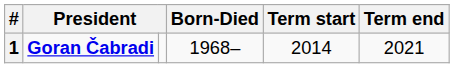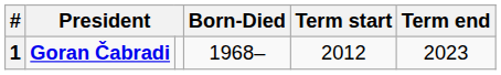 <table class="wikitable" style="text-align:center">
 <tr>
 <th>#</th>
 <th colspan="2">President</th>
 <th>Born-Died</th>
 <th>Term start</th>
 <th>Term end</th>
 </tr>
 <tr>
 <th style="background:">1</th>
 <td><strong><a href='#'>Goran Čabradi</a></strong></td>
 <td></td>
 <td>1968–</td>
-<td>2014</td>
-<td>2021</td>
+<td>2012</td>
+<td>2023</td>
 </tr>
 </table>
